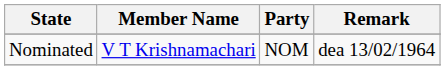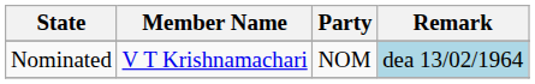 <table class="wikitable sortable">
 <tr>
 <th>State</th>
 <th>Member Name</th>
 <th>Party</th>
 <th>Remark</th>
 </tr>
 <tr>
 </tr>
 <tr>
 <td>Nominated</td>
 <td><a href='#'>V T Krishnamachari</a></td>
 <td>NOM</td>
-<td>dea 13/02/1964</td>
+<td style="background: lightblue;">dea 13/02/1964</td>
 </tr>
 <tr>
 </tr>
 <tr>
 </tr>
 </table>
